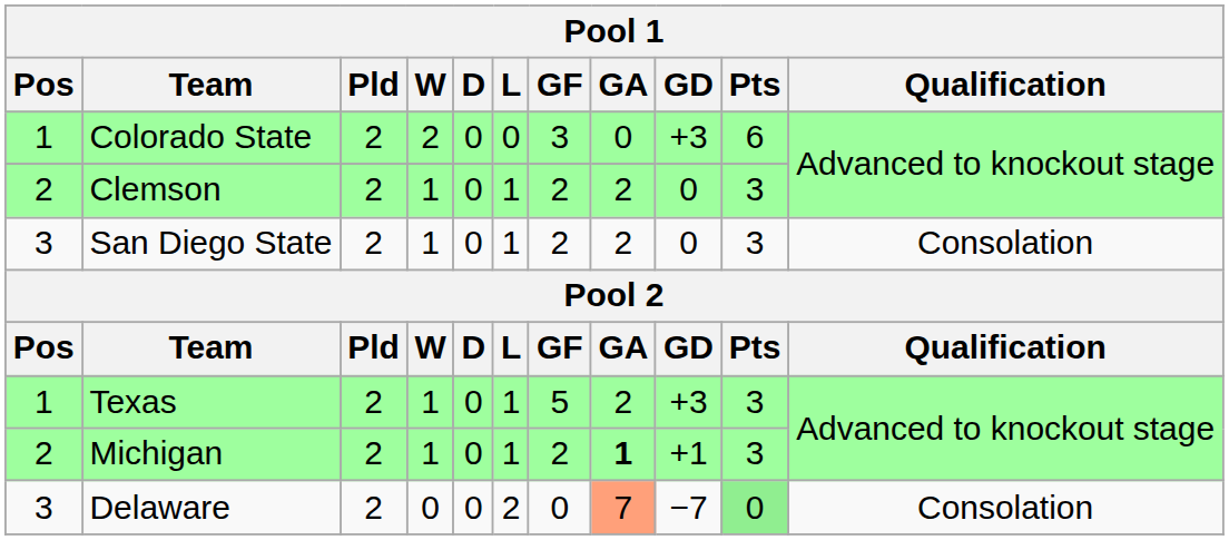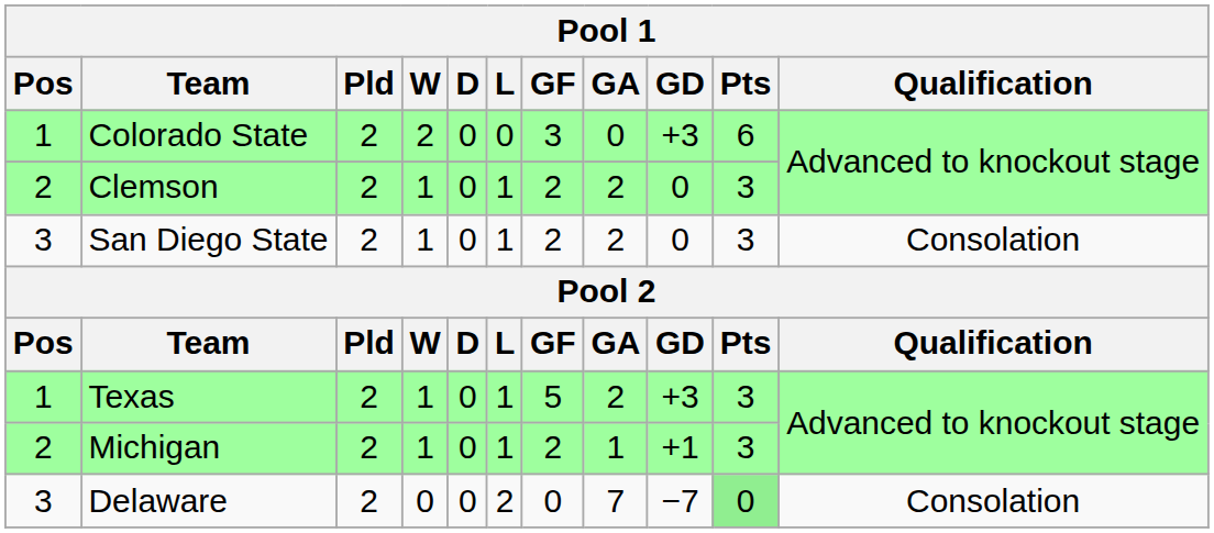 <table class="wikitable" style="text-align:center">
 <tr>
 <th colspan="11">Pool 1</th>
 </tr>
 <tr>
 <th>Pos</th>
 <th>Team</th>
 <th>Pld</th>
 <th>W</th>
 <th>D</th>
 <th>L</th>
 <th>GF</th>
 <th>GA</th>
 <th>GD</th>
 <th>Pts</th>
 <th>Qualification</th>
 </tr>
 <tr bgcolor="#9eff9e">
 <td>1</td>
 <td style="text-align:left">Colorado State</td>
 <td>2</td>
 <td>2</td>
 <td>0</td>
 <td>0</td>
 <td>3</td>
 <td>0</td>
 <td>+3</td>
 <td>6</td>
 <td rowspan="2">Advanced to knockout stage</td>
 </tr>
 <tr bgcolor="#9eff9e">
 <td>2</td>
 <td style="text-align:left">Clemson</td>
 <td>2</td>
 <td>1</td>
 <td>0</td>
 <td>1</td>
 <td>2</td>
 <td>2</td>
 <td>0</td>
 <td>3</td>
 </tr>
 <tr>
 <td>3</td>
 <td style="text-align:left">San Diego State</td>
 <td>2</td>
 <td>1</td>
 <td>0</td>
 <td>1</td>
 <td>2</td>
 <td>2</td>
 <td>0</td>
 <td>3</td>
 <td>Consolation</td>
 </tr>
 <tr>
 <th colspan="11">Pool 2</th>
 </tr>
 <tr>
 <th>Pos</th>
 <th>Team</th>
 <th>Pld</th>
 <th>W</th>
 <th>D</th>
 <th>L</th>
 <th>GF</th>
 <th>GA</th>
 <th>GD</th>
 <th>Pts</th>
 <th>Qualification</th>
 </tr>
 <tr bgcolor="#9eff9e">
 <td>1</td>
 <td style="text-align:left">Texas</td>
 <td>2</td>
 <td>1</td>
 <td>0</td>
 <td>1</td>
 <td>5</td>
 <td>2</td>
 <td>+3</td>
 <td>3</td>
 <td rowspan="2">Advanced to knockout stage</td>
 </tr>
 <tr bgcolor="#9eff9e">
 <td>2</td>
 <td style="text-align:left">Michigan</td>
 <td>2</td>
 <td>1</td>
 <td>0</td>
 <td>1</td>
 <td>2</td>
-<td><strong>1</strong></td>
+<td>1</td>
 <td>+1</td>
 <td>3</td>
 </tr>
 <tr>
 <td>3</td>
 <td style="text-align:left">Delaware</td>
 <td>2</td>
 <td>0</td>
 <td>0</td>
 <td>2</td>
 <td>0</td>
-<td style="background: lightsalmon;">7</td>
+<td>7</td>
 <td>−7</td>
 <td style="background: lightgreen;">0</td>
 <td>Consolation</td>
 </tr>
 </table>
